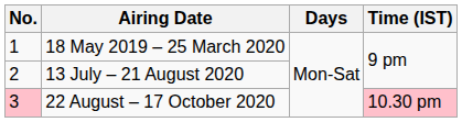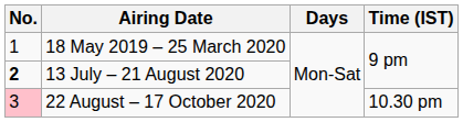 <table class="wikitable sortable">
 <tr>
 <th>No.</th>
 <th>Airing Date</th>
 <th>Days</th>
 <th>Time (IST)</th>
 </tr>
 <tr>
 <td>1</td>
 <td>18 May 2019 – 25 March 2020</td>
 <td rowspan="3">Mon-Sat</td>
 <td rowspan="2">9 pm</td>
 </tr>
 <tr>
-<td>2</td>
+<td><strong>2</strong></td>
 <td>13 July – 21 August 2020</td>
 </tr>
 <tr>
 <td style="background: pink;">3</td>
 <td>22 August – 17 October 2020</td>
-<td style="background: pink;">10.30 pm</td>
+<td>10.30 pm</td>
 </tr>
 </table>
